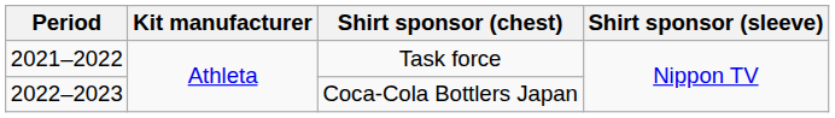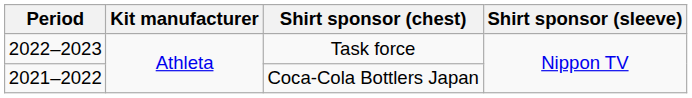 <table class="wikitable" style="text-align:center">
 <tr>
 <th>Period</th>
 <th>Kit manufacturer</th>
 <th>Shirt sponsor (chest)</th>
 <th>Shirt sponsor (sleeve)</th>
 </tr>
 <tr>
-<td>2021–2022</td>
+<td>2022–2023</td>
 <td rowspan="2"><a href='#'>Athleta</a></td>
 <td>Task force</td>
 <td rowspan="2"><a href='#'>Nippon TV</a></td>
 </tr>
 <tr>
-<td>2022–2023</td>
+<td>2021–2022</td>
 <td>Coca-Cola Bottlers Japan</td>
 </tr>
 </table>
